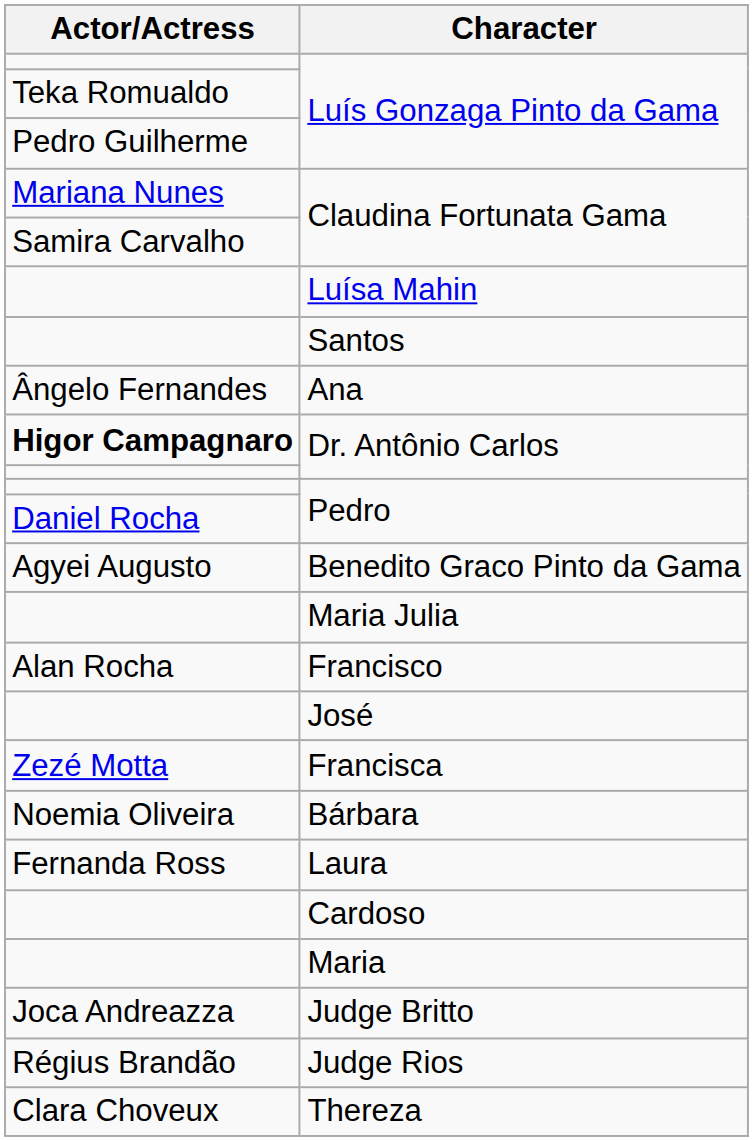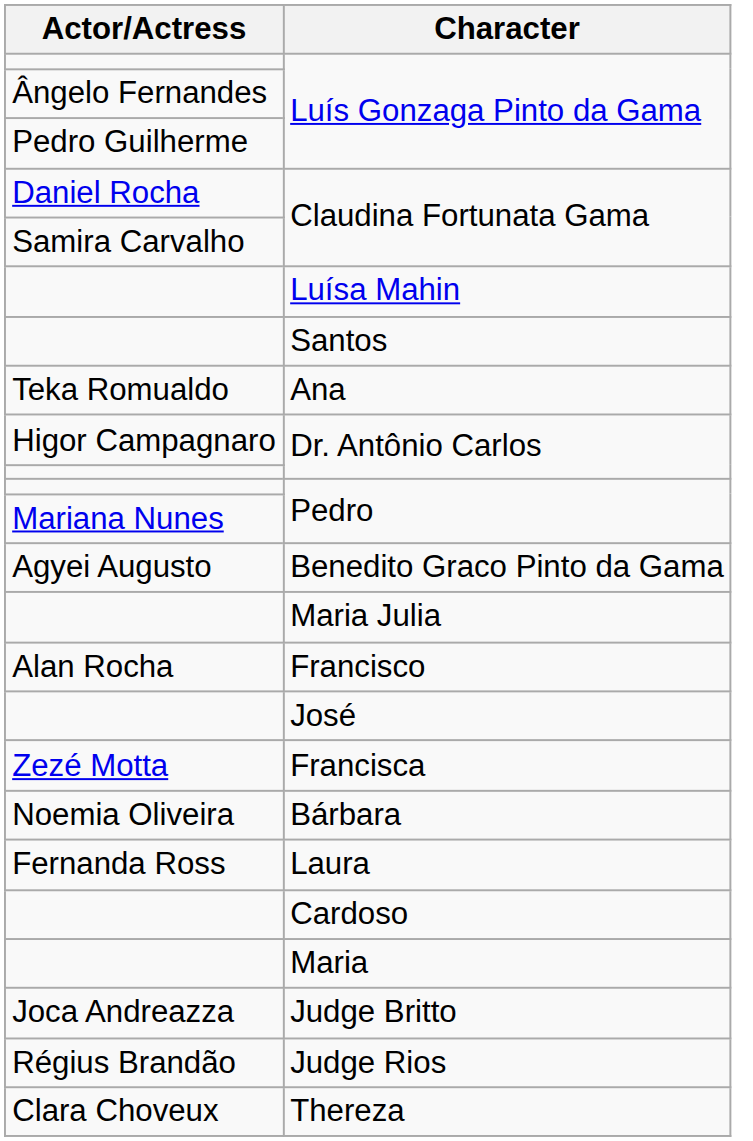 <table class="wikitable">
 <tr>
 <th>Actor/Actress</th>
 <th>Character</th>
 </tr>
 <tr>
 <td></td>
 <td rowspan="3"><a href='#'>Luís Gonzaga Pinto da Gama</a></td>
 </tr>
 <tr>
-<td>Teka Romualdo</td>
+<td>Ângelo Fernandes</td>
 </tr>
 <tr>
 <td>Pedro Guilherme</td>
 </tr>
 <tr>
-<td><a href='#'>Mariana Nunes</a></td>
+<td><a href='#'>Daniel Rocha</a></td>
 <td rowspan="2">Claudina Fortunata Gama</td>
 </tr>
 <tr>
 <td>Samira Carvalho</td>
 </tr>
 <tr>
 <td></td>
 <td><a href='#'>Luísa Mahin</a></td>
 </tr>
 <tr>
 <td></td>
 <td>Santos</td>
 </tr>
 <tr>
-<td>Ângelo Fernandes</td>
+<td>Teka Romualdo</td>
 <td>Ana</td>
 </tr>
 <tr>
-<td><strong>Higor Campagnaro</strong></td>
+<td>Higor Campagnaro</td>
 <td rowspan="2">Dr. Antônio Carlos</td>
 </tr>
 <tr>
 <td></td>
 </tr>
 <tr>
 <td></td>
 <td rowspan="2">Pedro</td>
 </tr>
 <tr>
-<td><a href='#'>Daniel Rocha</a></td>
+<td><a href='#'>Mariana Nunes</a></td>
 </tr>
 <tr>
 <td>Agyei Augusto</td>
 <td>Benedito Graco Pinto da Gama</td>
 </tr>
 <tr>
 <td></td>
 <td>Maria Julia</td>
 </tr>
 <tr>
 <td>Alan Rocha</td>
 <td>Francisco</td>
 </tr>
 <tr>
 <td></td>
 <td>José</td>
 </tr>
 <tr>
 <td><a href='#'>Zezé Motta</a></td>
 <td>Francisca</td>
 </tr>
 <tr>
 <td>Noemia Oliveira</td>
 <td>Bárbara</td>
 </tr>
 <tr>
 <td>Fernanda Ross</td>
 <td>Laura</td>
 </tr>
 <tr>
 <td></td>
 <td>Cardoso</td>
 </tr>
 <tr>
 <td></td>
 <td>Maria</td>
 </tr>
 <tr>
 <td>Joca Andreazza</td>
 <td>Judge Britto</td>
 </tr>
 <tr>
 <td>Régius Brandão</td>
 <td>Judge Rios</td>
 </tr>
 <tr>
 <td>Clara Choveux</td>
 <td>Thereza</td>
 </tr>
 </table>
